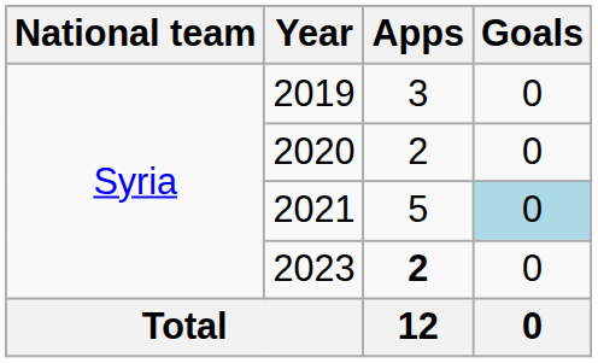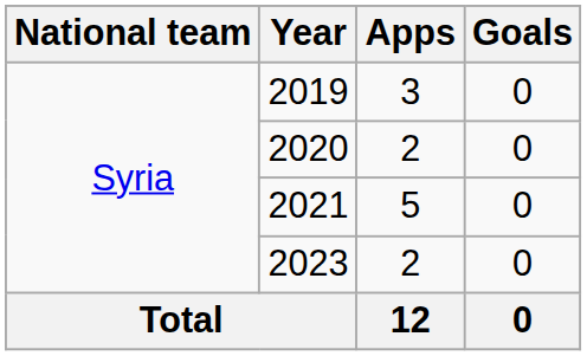 <table class="wikitable" style="text-align:center">
 <tr>
 <th>National team</th>
 <th>Year</th>
 <th>Apps</th>
 <th>Goals</th>
 </tr>
 <tr>
 <td rowspan="4"><a href='#'>Syria</a></td>
 <td>2019</td>
 <td>3</td>
 <td>0</td>
 </tr>
 <tr>
 <td>2020</td>
 <td>2</td>
 <td>0</td>
 </tr>
 <tr>
 <td>2021</td>
 <td>5</td>
-<td style="background: lightblue;">0</td>
+<td>0</td>
 </tr>
 <tr>
 <td>2023</td>
-<td><strong>2</strong></td>
+<td>2</td>
 <td>0</td>
 </tr>
 <tr>
 <th colspan="2">Total</th>
 <th>12</th>
 <th>0</th>
 </tr>
 </table>
